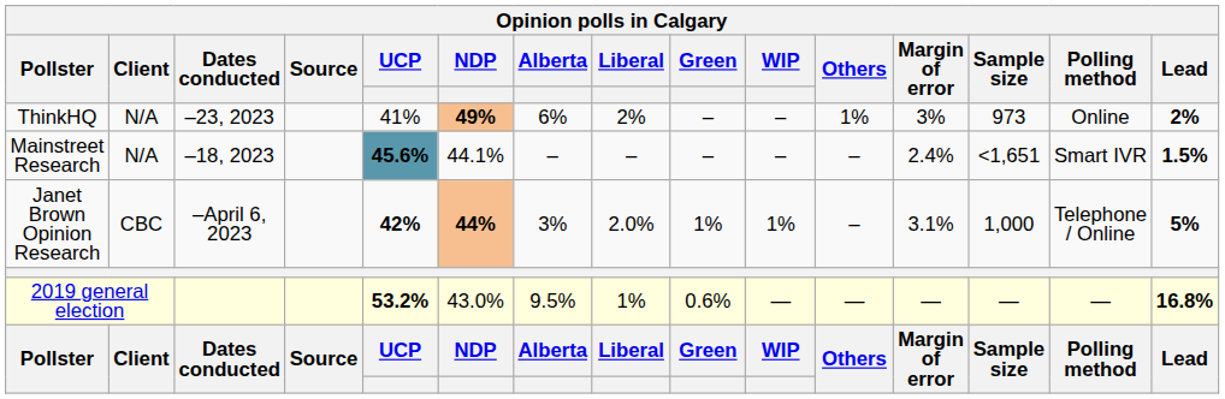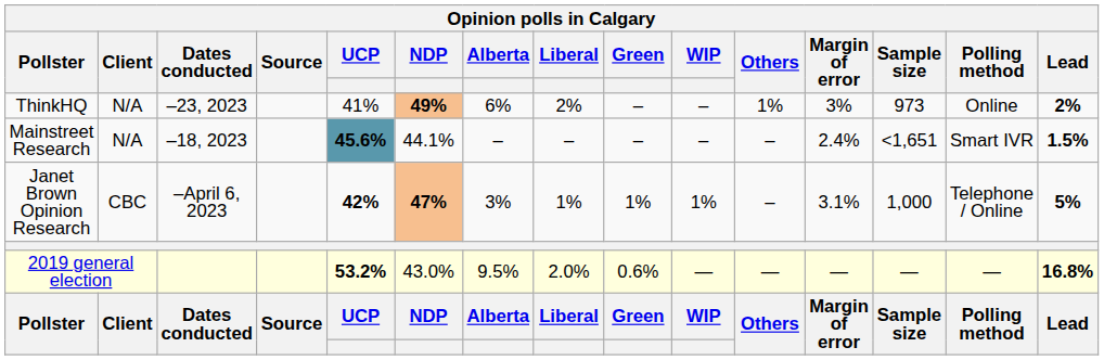 <table class="wikitable mw-datatable mw-collapsible mw-collapsed" style="text-align:center;font-size:90%;line-height:14px">
 <tr>
 <th colspan="15">Opinion polls in Calgary</th>
 </tr>
 <tr>
 <th rowspan="2">Pollster</th>
 <th rowspan="2">Client</th>
 <th rowspan="2">Dates<br>conducted</th>
 <th rowspan="2">Source</th>
 <th style="width:50px;" class="unsortable"><a href='#'>UCP</a></th>
 <th style="width:50px;" class="unsortable"><a href='#'>NDP</a></th>
 <th style="width:50px;" class="unsortable"><a href='#'>Alberta</a></th>
 <th style="width:50px;" class="unsortable"><a href='#'>Liberal</a></th>
 <th style="width:50px;" class="unsortable"><a href='#'>Green</a></th>
 <th style="width:50px;" class="unsortable"><a href='#'>WIP</a></th>
 <th rowspan="2" style="width:50px;"><a href='#'>Others</a></th>
 <th rowspan="2">Margin of error</th>
 <th rowspan="2">Sample<br>size</th>
 <th rowspan="2">Polling<br>method</th>
 <th rowspan="2" style="width:20px;">Lead</th>
 </tr>
 <tr>
 <th style="background:"></th>
 <th style="background:"></th>
 <th style="background:"></th>
 <th style="background:"></th>
 <th style="background:"></th>
 <th style="background:"></th>
 </tr>
 <tr>
 <td>ThinkHQ</td>
 <td>N/A</td>
 <td>–23, 2023</td>
 <td></td>
 <td>41%</td>
 <td style="text-align:center;background:#f7bf8f"><strong>49%</strong></td>
 <td>6%</td>
 <td>2%</td>
 <td>–</td>
 <td>–</td>
 <td>1%</td>
 <td>3%</td>
 <td>973</td>
 <td>Online</td>
 <td style="background:"><strong>2%</strong></td>
 </tr>
 <tr>
 <td>Mainstreet Research</td>
 <td>N/A</td>
 <td>–18, 2023</td>
 <td></td>
 <td style="background:#5998AC;"><strong>45.6%</strong></td>
 <td>44.1%</td>
 <td>–</td>
 <td>–</td>
 <td>–</td>
 <td>–</td>
 <td>–</td>
 <td>2.4%</td>
 <td><1,651</td>
 <td>Smart IVR</td>
 <td style="background:"><strong>1.5%</strong></td>
 </tr>
 <tr>
 <td>Janet Brown Opinion Research</td>
 <td>CBC</td>
 <td>–April 6, 2023</td>
 <td></td>
 <td><strong>42%</strong></td>
-<td style="text-align:center;background:#f7bf8f"><strong>44%</strong></td>
+<td style="text-align:center;background:#f7bf8f"><strong>47%</strong></td>
 <td>3%</td>
-<td>2.0%</td>
+<td>1%</td>
 <td>1%</td>
 <td>1%</td>
 <td>–</td>
 <td>3.1%</td>
 <td>1,000</td>
 <td>Telephone / Online</td>
 <td style="background:"><strong>5%</strong></td>
 </tr>
 <tr>
 <th colspan="15"></th>
 </tr>
 <tr style="background:#ffd;">
 <td colspan="2"><a href='#'>2019 general election</a></td>
 <td></td>
 <td></td>
 <td><strong>53.2%</strong></td>
 <td>43.0%</td>
 <td>9.5%</td>
-<td>1%</td>
+<td>2.0%</td>
 <td>0.6%</td>
 <td>—</td>
 <td>—</td>
 <td>—</td>
 <td>—</td>
 <td>—</td>
 <td style="background:"><strong>16.8%</strong></td>
 </tr>
 <tr>
 <th rowspan="2">Pollster</th>
 <th rowspan="2">Client</th>
 <th rowspan="2">Dates<br>conducted</th>
 <th rowspan="2">Source</th>
 <th style="width:50px;" class="unsortable"><a href='#'>UCP</a></th>
 <th style="width:50px;" class="unsortable"><a href='#'>NDP</a></th>
 <th style="width:50px;" class="unsortable"><a href='#'>Alberta</a></th>
 <th style="width:50px;" class="unsortable"><a href='#'>Liberal</a></th>
 <th style="width:50px;" class="unsortable"><a href='#'>Green</a></th>
 <th style="width:50px;" class="unsortable"><a href='#'>WIP</a></th>
 <th rowspan="2" style="width:50px;"><a href='#'>Others</a></th>
 <th rowspan="2">Margin of error</th>
 <th rowspan="2">Sample<br>size</th>
 <th rowspan="2">Polling<br>method</th>
 <th rowspan="2" style="width:20px;">Lead</th>
 </tr>
 <tr>
 <th style="background:"></th>
 <th style="background:"></th>
 <th style="background:"></th>
 <th style="background:"></th>
 <th style="background:"></th>
 <th style="background:"></th>
 </tr>
 </table>
